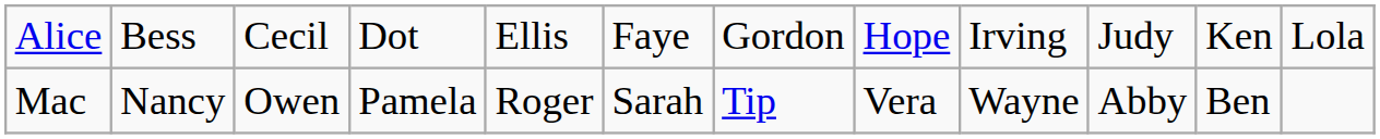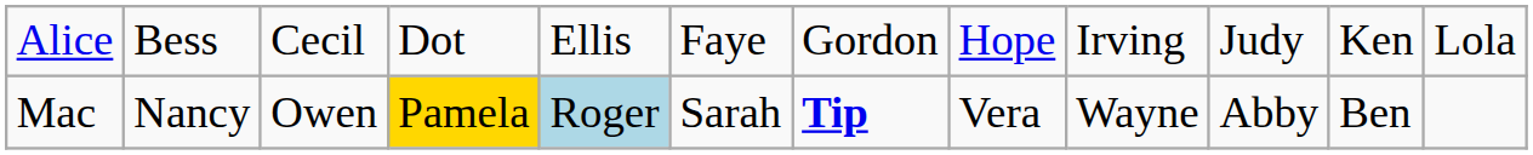 <table class="wikitable">
 <tr>
 <td><a href='#'>Alice</a></td>
 <td>Bess</td>
 <td>Cecil</td>
 <td>Dot</td>
 <td>Ellis</td>
 <td>Faye</td>
 <td>Gordon</td>
 <td><a href='#'>Hope</a></td>
 <td>Irving</td>
 <td>Judy</td>
 <td>Ken</td>
 <td>Lola</td>
 </tr>
 <tr>
 <td>Mac</td>
 <td>Nancy</td>
 <td>Owen</td>
-<td>Pamela</td>
-<td>Roger</td>
+<td style="background: gold;">Pamela</td>
+<td style="background: lightblue;">Roger</td>
 <td>Sarah</td>
-<td><a href='#'>Tip</a></td>
+<td><strong><a href='#'>Tip</a></strong></td>
 <td>Vera</td>
 <td>Wayne</td>
 <td>Abby</td>
 <td>Ben</td>
 </tr>
 </table>
